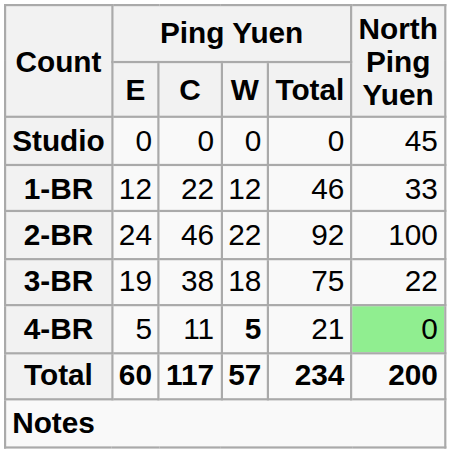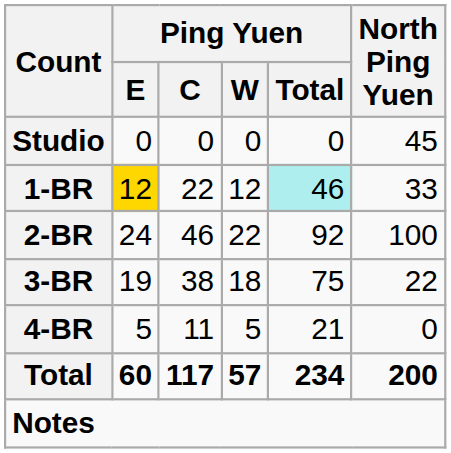 <table class="wikitable sortable floatright" style="width=15em;text-align:right;font-size:85%;">
 <tr>
 <th class="unsortable" rowspan=2>Count</th>
 <th colspan=4>Ping Yuen</th>
 <th rowspan=2>North<br>Ping<br>Yuen</th>
 </tr>
 <tr>
 <th>E</th>
 <th>C</th>
 <th>W</th>
 <th>Total</th>
 </tr>
 <tr>
 <th>Studio</th>
 <td>0</td>
 <td>0</td>
 <td>0</td>
 <td>0</td>
 <td>45</td>
 </tr>
 <tr>
 <th>1-BR</th>
-<td>12</td>
+<td style="background: gold;">12</td>
 <td>22</td>
 <td>12</td>
-<td>46</td>
+<td style="background: paleturquoise;">46</td>
 <td>33</td>
 </tr>
 <tr>
 <th>2-BR</th>
 <td>24</td>
 <td>46</td>
 <td>22</td>
 <td>92</td>
 <td>100</td>
 </tr>
 <tr>
 <th>3-BR</th>
 <td>19</td>
 <td>38</td>
 <td>18</td>
 <td>75</td>
 <td>22</td>
 </tr>
 <tr>
 <th>4-BR</th>
 <td>5</td>
 <td>11</td>
-<td><strong>5</strong></td>
+<td>5</td>
 <td>21</td>
-<td style="background: lightgreen;">0</td>
+<td>0</td>
 </tr>
 <tr>
 <th>Total</th>
 <td><strong>60</strong></td>
 <td><strong>117</strong></td>
 <td><strong>57</strong></td>
 <td><strong>234</strong></td>
 <td><strong>200</strong></td>
 </tr>
 <tr>
 <td colspan=6 style="text-align:left;"><strong>Notes</strong><br></td>
 </tr>
 </table>
